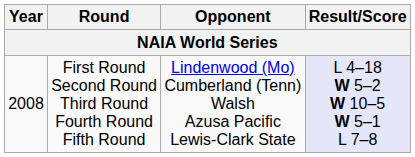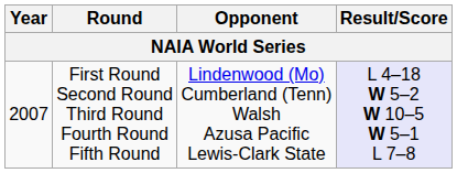 <table class="wikitable">
 <tr>
 <th>Year</th>
 <th>Round</th>
 <th>Opponent</th>
 <th>Result/Score</th>
 </tr>
 <tr>
 <th colspan=4>NAIA World Series</th>
 </tr>
 <tr style="text-align:center;">
-<td>2008</td>
+<td>2007</td>
 <td>First Round<br>Second Round<br>Third Round<br>Fourth Round<br>Fifth Round</td>
 <td><a href='#'>Lindenwood (Mo)</a> <br> Cumberland (Tenn) <br> Walsh <br> Azusa Pacific <br> Lewis-Clark State</td>
 <td style="background: lavender;">L 4–18 <br> <strong>W</strong> 5–2 <br> <strong>W</strong> 10–5 <br> <strong>W</strong> 5–1 <br> L 7–8</td>
 </tr>
 </table>
